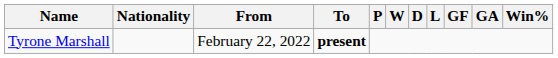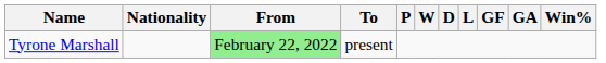 <table class="wikitable plainrowheaders sortable" style="text-align:center">
 <tr>
 <th>Name</th>
 <th>Nationality</th>
 <th>From</th>
 <th class="unsortable">To</th>
 <th>P</th>
 <th>W</th>
 <th>D</th>
 <th>L</th>
 <th>GF</th>
 <th>GA</th>
 <th>Win%</th>
 </tr>
 <tr>
 <td scope=row style=text-align:left><a href='#'>Tyrone Marshall</a></td>
 <td align=left></td>
-<td align=left>February 22, 2022</td>
-<td align=left><strong>present<br></strong></td>
+<td align=left style="background: lightgreen;">February 22, 2022</td>
+<td align=left>present<br></td>
 </tr>
 </table>
